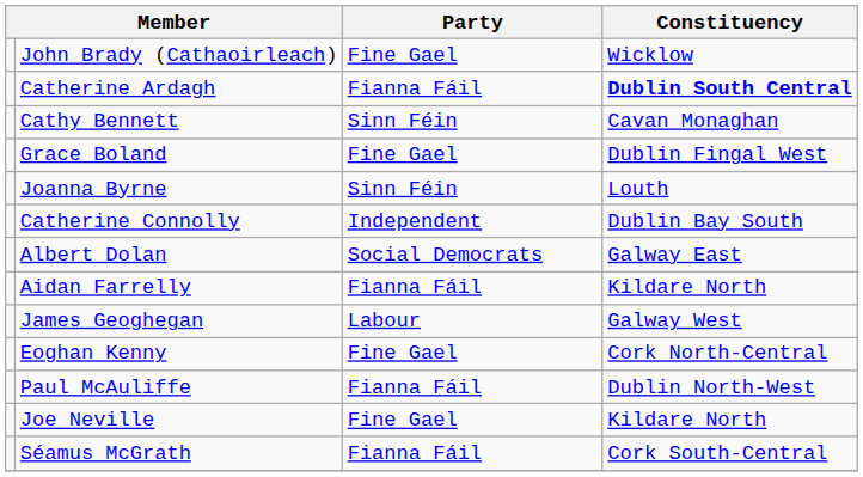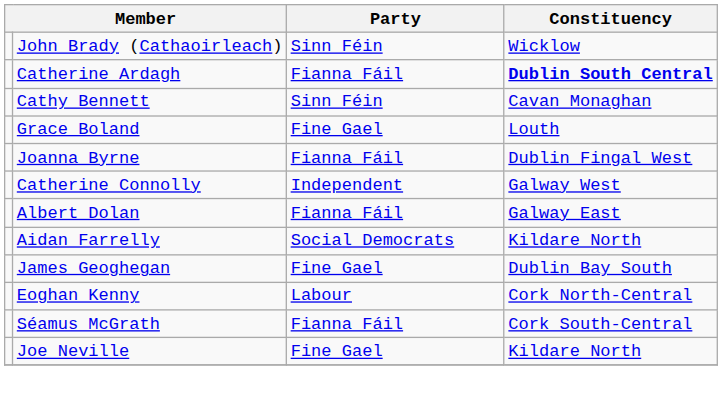 <table class="wikitable">
 <tr>
 <th width="160px" colspan="2" valign="top">Member</th>
 <th width="160px" valign="top">Party</th>
 <th valign="top">Constituency</th>
 </tr>
 <tr>
 <td style="color:inherit;background:"></td>
 <td><a href='#'>John Brady</a> (<a href='#'>Cathaoirleach</a>)</td>
-<td><a href='#'>Fine Gael</a></td>
+<td><a href='#'>Sinn Féin</a></td>
 <td><a href='#'>Wicklow</a></td>
 </tr>
 <tr>
 <td style="color:inherit;background:"></td>
 <td><a href='#'>Catherine Ardagh</a></td>
 <td><a href='#'>Fianna Fáil</a></td>
 <td><strong><a href='#'>Dublin South Central</a></strong></td>
 </tr>
 <tr>
 <td style="color:inherit;background:"></td>
 <td><a href='#'>Cathy Bennett</a></td>
 <td><a href='#'>Sinn Féin</a></td>
 <td><a href='#'>Cavan Monaghan</a></td>
 </tr>
 <tr>
 <td style="color:inherit;background:"></td>
 <td><a href='#'>Grace Boland</a></td>
 <td><a href='#'>Fine Gael</a></td>
-<td><a href='#'>Dublin Fingal West</a></td>
+<td><a href='#'>Louth</a></td>
 </tr>
 <tr>
 <td style="color:inherit;background:"></td>
 <td><a href='#'>Joanna Byrne</a></td>
-<td><a href='#'>Sinn Féin</a></td>
-<td><a href='#'>Louth</a></td>
+<td><a href='#'>Fianna Fáil</a></td>
+<td><a href='#'>Dublin Fingal West</a></td>
 </tr>
 <tr>
 <td style="color:inherit;background:"></td>
 <td><a href='#'>Catherine Connolly</a></td>
 <td><a href='#'>Independent</a></td>
-<td><a href='#'>Dublin Bay South</a></td>
+<td><a href='#'>Galway West</a></td>
 </tr>
 <tr>
 <td style="color:inherit;background:"></td>
 <td><a href='#'>Albert Dolan</a></td>
-<td><a href='#'>Social Democrats</a></td>
+<td><a href='#'>Fianna Fáil</a></td>
 <td><a href='#'>Galway East</a></td>
 </tr>
 <tr>
 <td style="color:inherit;background:"></td>
 <td><a href='#'>Aidan Farrelly</a></td>
-<td><a href='#'>Fianna Fáil</a></td>
+<td><a href='#'>Social Democrats</a></td>
 <td><a href='#'>Kildare North</a></td>
 </tr>
 <tr>
 <td style="color:inherit;background:"></td>
 <td><a href='#'>James Geoghegan</a></td>
-<td><a href='#'>Labour</a></td>
-<td><a href='#'>Galway West</a></td>
+<td><a href='#'>Fine Gael</a></td>
+<td><a href='#'>Dublin Bay South</a></td>
 </tr>
 <tr>
 <td style="color:inherit;background:"></td>
 <td><a href='#'>Eoghan Kenny</a></td>
-<td><a href='#'>Fine Gael</a></td>
+<td><a href='#'>Labour</a></td>
 <td><a href='#'>Cork North-Central</a></td>
 </tr>
 <tr>
 <td style="color:inherit;background:"></td>
-<td><a href='#'>Paul McAuliffe</a></td>
+<td><a href='#'>Séamus McGrath</a></td>
 <td><a href='#'>Fianna Fáil</a></td>
-<td><a href='#'>Dublin North-West</a></td>
+<td><a href='#'>Cork South-Central</a></td>
 </tr>
 <tr>
 <td style="color:inherit;background:"></td>
 <td><a href='#'>Joe Neville</a></td>
 <td><a href='#'>Fine Gael</a></td>
 <td><a href='#'>Kildare North</a></td>
 </tr>
 <tr>
-<td style="color:inherit;background:"></td>
-<td><a href='#'>Séamus McGrath</a></td>
-<td><a href='#'>Fianna Fáil</a></td>
-<td><a href='#'>Cork South-Central</a></td>
-</tr>
-<tr>
 </tr>
 </table>
